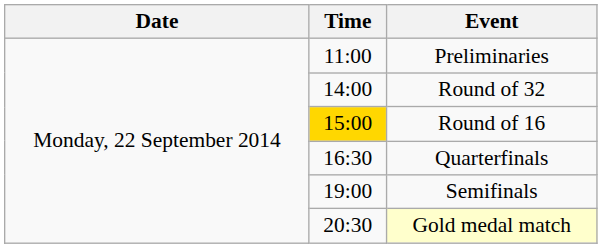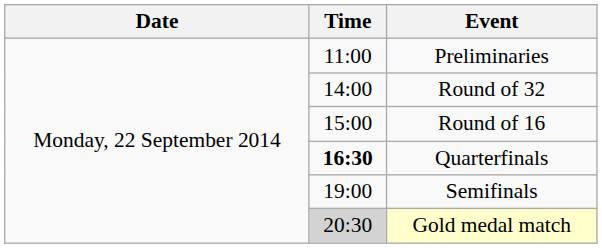 <table class = "wikitable" style="text-align:center;">
 <tr>
 <th width=220>Date</th>
 <th width=50>Time</th>
 <th width=150>Event</th>
 </tr>
 <tr>
 <td rowspan=6>Monday, 22 September 2014</td>
 <td>11:00</td>
 <td>Preliminaries</td>
 </tr>
 <tr>
 <td>14:00</td>
 <td>Round of 32</td>
 </tr>
 <tr>
-<td style="background: gold;">15:00</td>
+<td>15:00</td>
 <td>Round of 16</td>
 </tr>
 <tr>
-<td>16:30</td>
+<td><strong>16:30</strong></td>
 <td>Quarterfinals</td>
 </tr>
 <tr>
 <td>19:00</td>
 <td>Semifinals</td>
 </tr>
 <tr>
-<td>20:30</td>
+<td style="background: lightgrey;">20:30</td>
 <td bgcolor=ffffcc>Gold medal match</td>
 </tr>
 </table>
